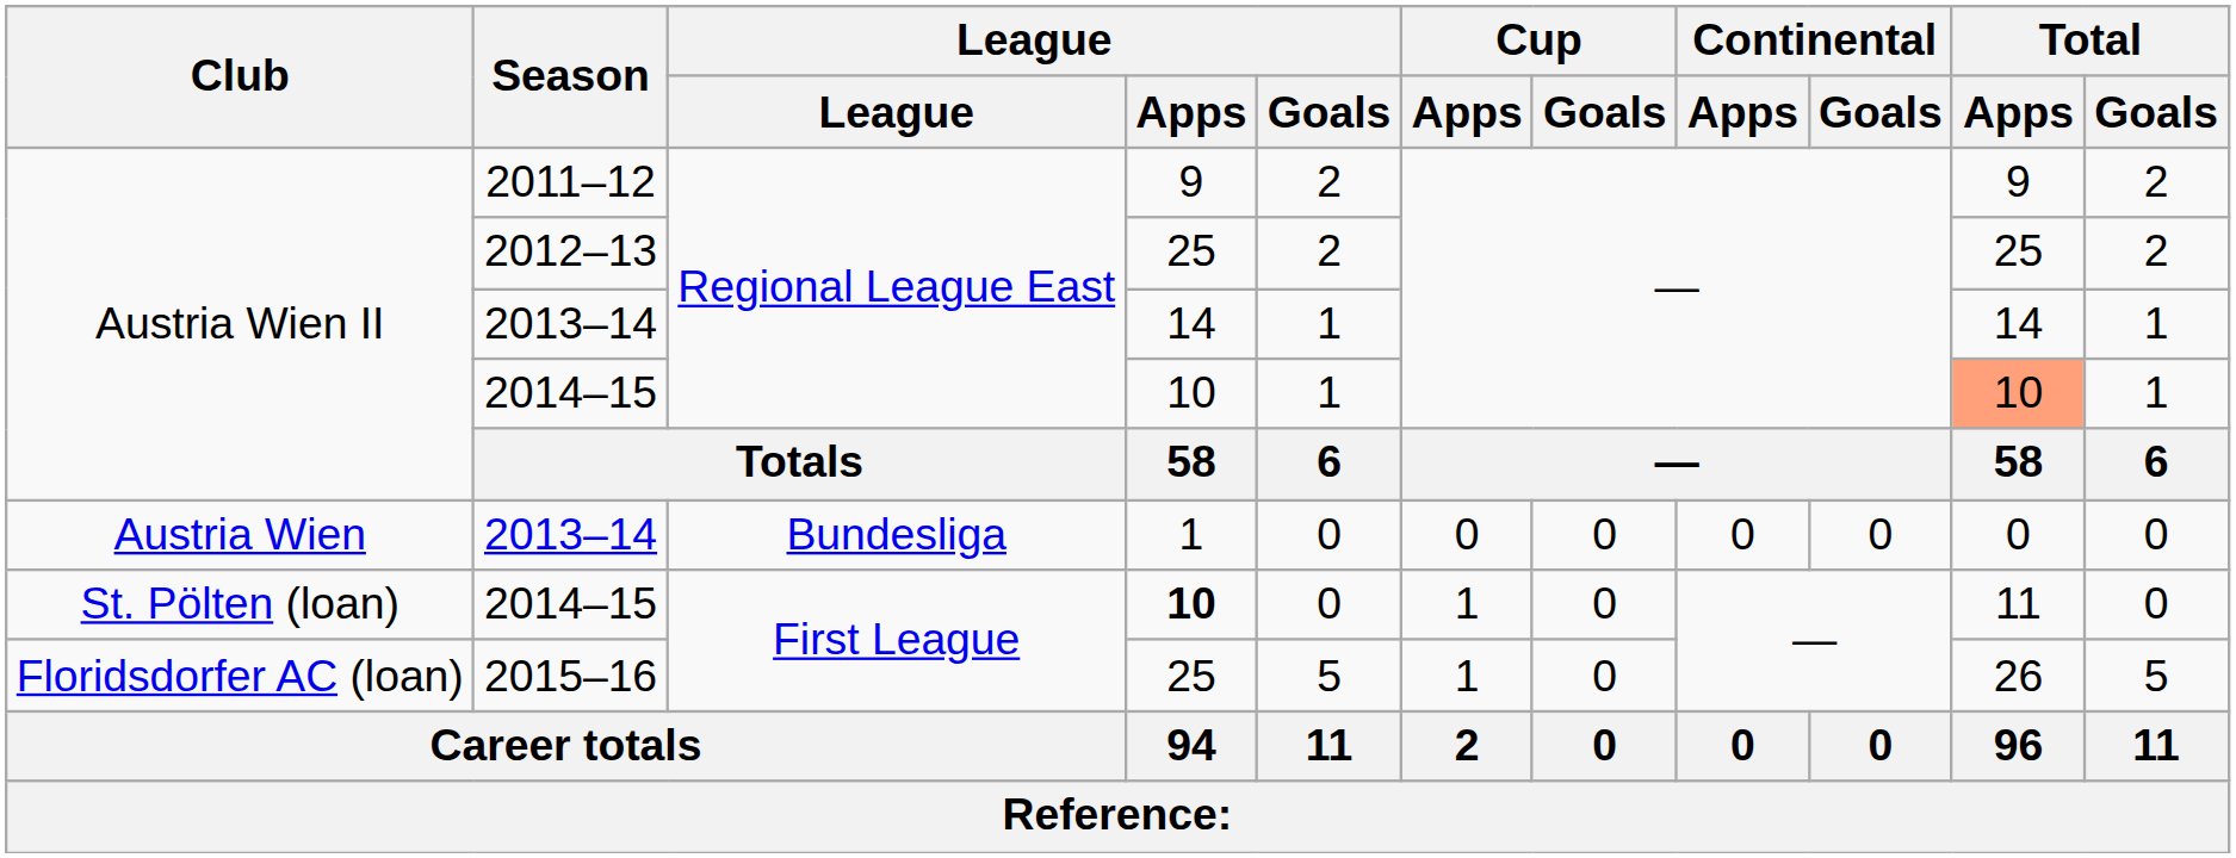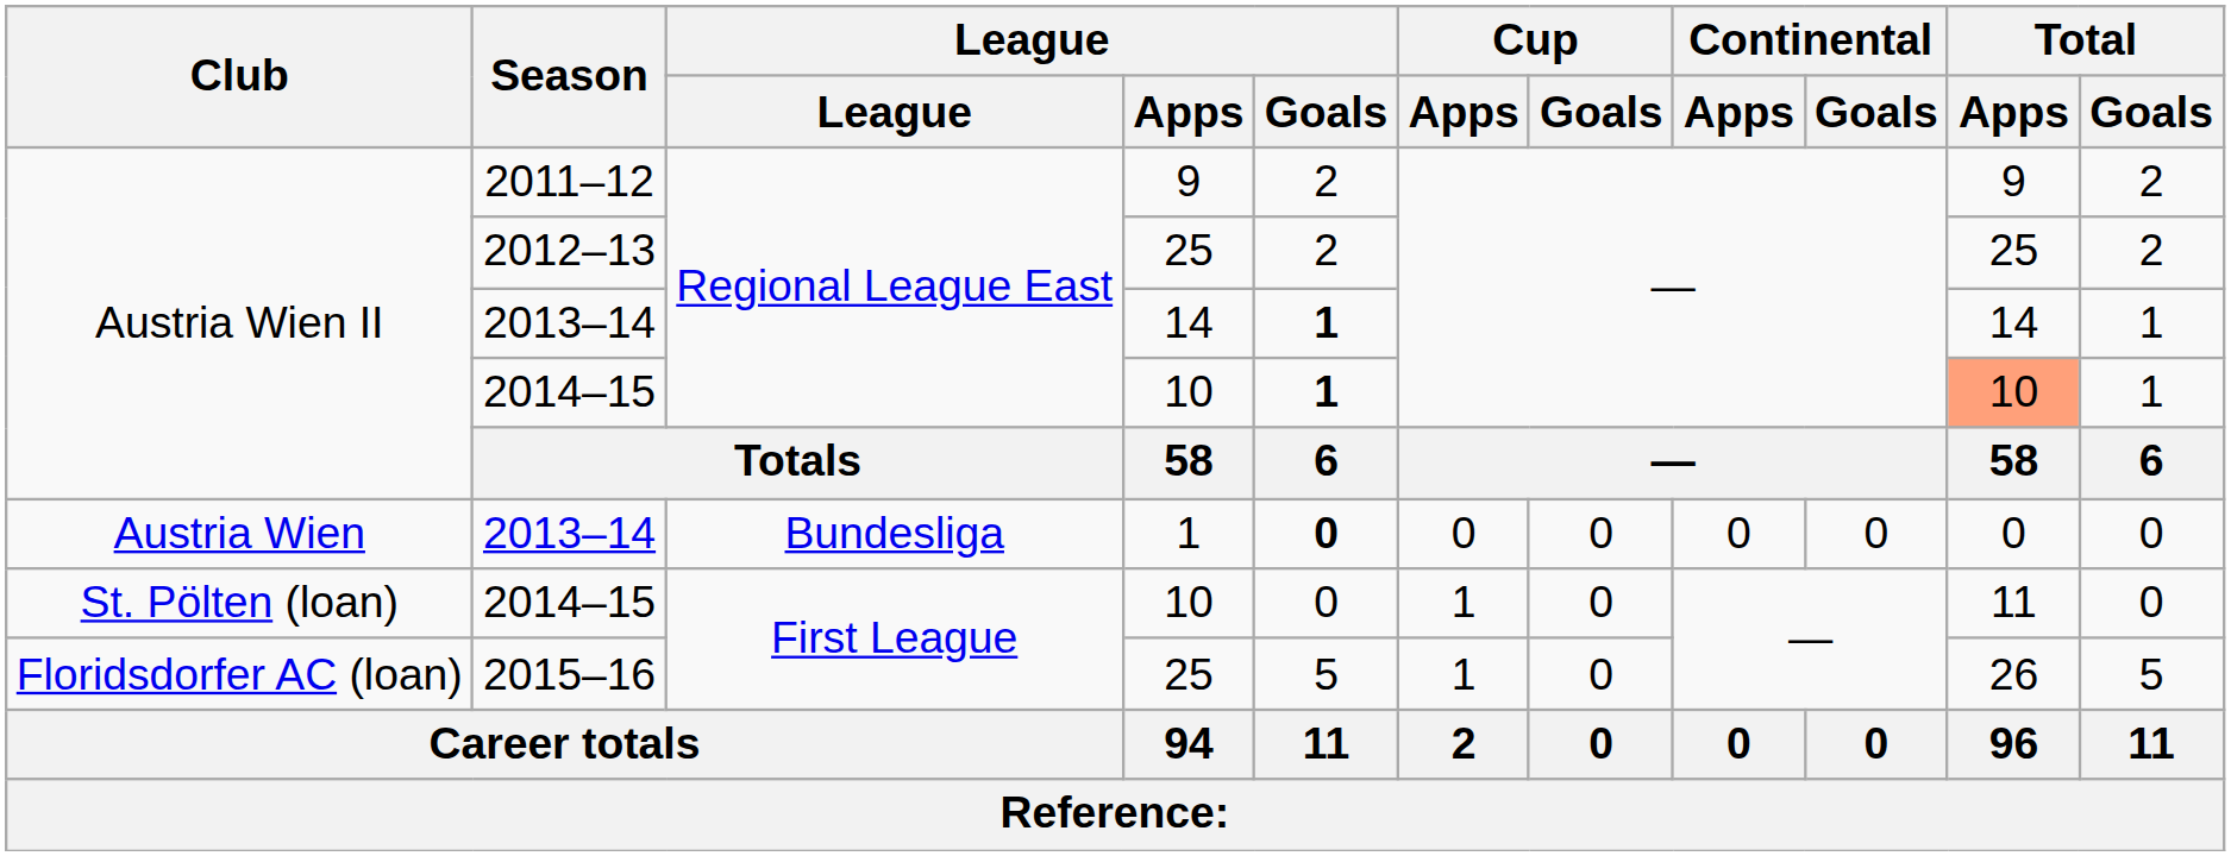 <table class="wikitable" Style="text-align: center">
 <tr>
 <th rowspan="2">Club</th>
 <th rowspan="2">Season</th>
 <th colspan="3">League</th>
 <th colspan="2">Cup</th>
 <th colspan="2">Continental</th>
 <th colspan="2">Total</th>
 </tr>
 <tr>
 <th>League</th>
 <th>Apps</th>
 <th>Goals</th>
 <th>Apps</th>
 <th>Goals</th>
 <th>Apps</th>
 <th>Goals</th>
 <th>Apps</th>
 <th>Goals</th>
 </tr>
 <tr>
 <td rowspan="5">Austria Wien II</td>
 <td>2011–12</td>
 <td rowspan="4"><a href='#'>Regional League East</a></td>
 <td>9</td>
 <td>2</td>
 <td rowspan="4" colspan="4">—</td>
 <td>9</td>
 <td>2</td>
 </tr>
 <tr>
 <td>2012–13</td>
 <td>25</td>
 <td>2</td>
 <td>25</td>
 <td>2</td>
 </tr>
 <tr>
 <td>2013–14</td>
 <td>14</td>
-<td>1</td>
+<td><strong>1</strong></td>
 <td>14</td>
 <td>1</td>
 </tr>
 <tr>
 <td>2014–15</td>
 <td>10</td>
-<td>1</td>
+<td><strong>1</strong></td>
 <td style="background: lightsalmon;">10</td>
 <td>1</td>
 </tr>
 <tr>
 <th colspan="2">Totals</th>
 <th>58</th>
 <th>6</th>
 <th colspan="4">—</th>
 <th>58</th>
 <th>6</th>
 </tr>
 <tr>
 <td><a href='#'>Austria Wien</a></td>
 <td><a href='#'>2013–14</a></td>
 <td><a href='#'>Bundesliga</a></td>
 <td>1</td>
-<td>0</td>
+<td><strong>0</strong></td>
 <td>0</td>
 <td>0</td>
 <td>0</td>
 <td>0</td>
 <td>0</td>
 <td>0</td>
 </tr>
 <tr>
 <td><a href='#'>St. Pölten</a> (loan)</td>
 <td>2014–15</td>
 <td rowspan="2"><a href='#'>First League</a></td>
-<td><strong>10</strong></td>
+<td>10</td>
 <td>0</td>
 <td>1</td>
 <td>0</td>
 <td rowspan="2" colspan="2">—</td>
 <td>11</td>
 <td>0</td>
 </tr>
 <tr>
 <td><a href='#'>Floridsdorfer AC</a> (loan)</td>
 <td>2015–16</td>
 <td>25</td>
 <td>5</td>
 <td>1</td>
 <td>0</td>
 <td>26</td>
 <td>5</td>
 </tr>
 <tr>
 <th colspan="3">Career totals</th>
 <th>94</th>
 <th>11</th>
 <th>2</th>
 <th>0</th>
 <th>0</th>
 <th>0</th>
 <th>96</th>
 <th>11</th>
 </tr>
 <tr>
 <th colspan="11">Reference:</th>
 </tr>
 </table>
